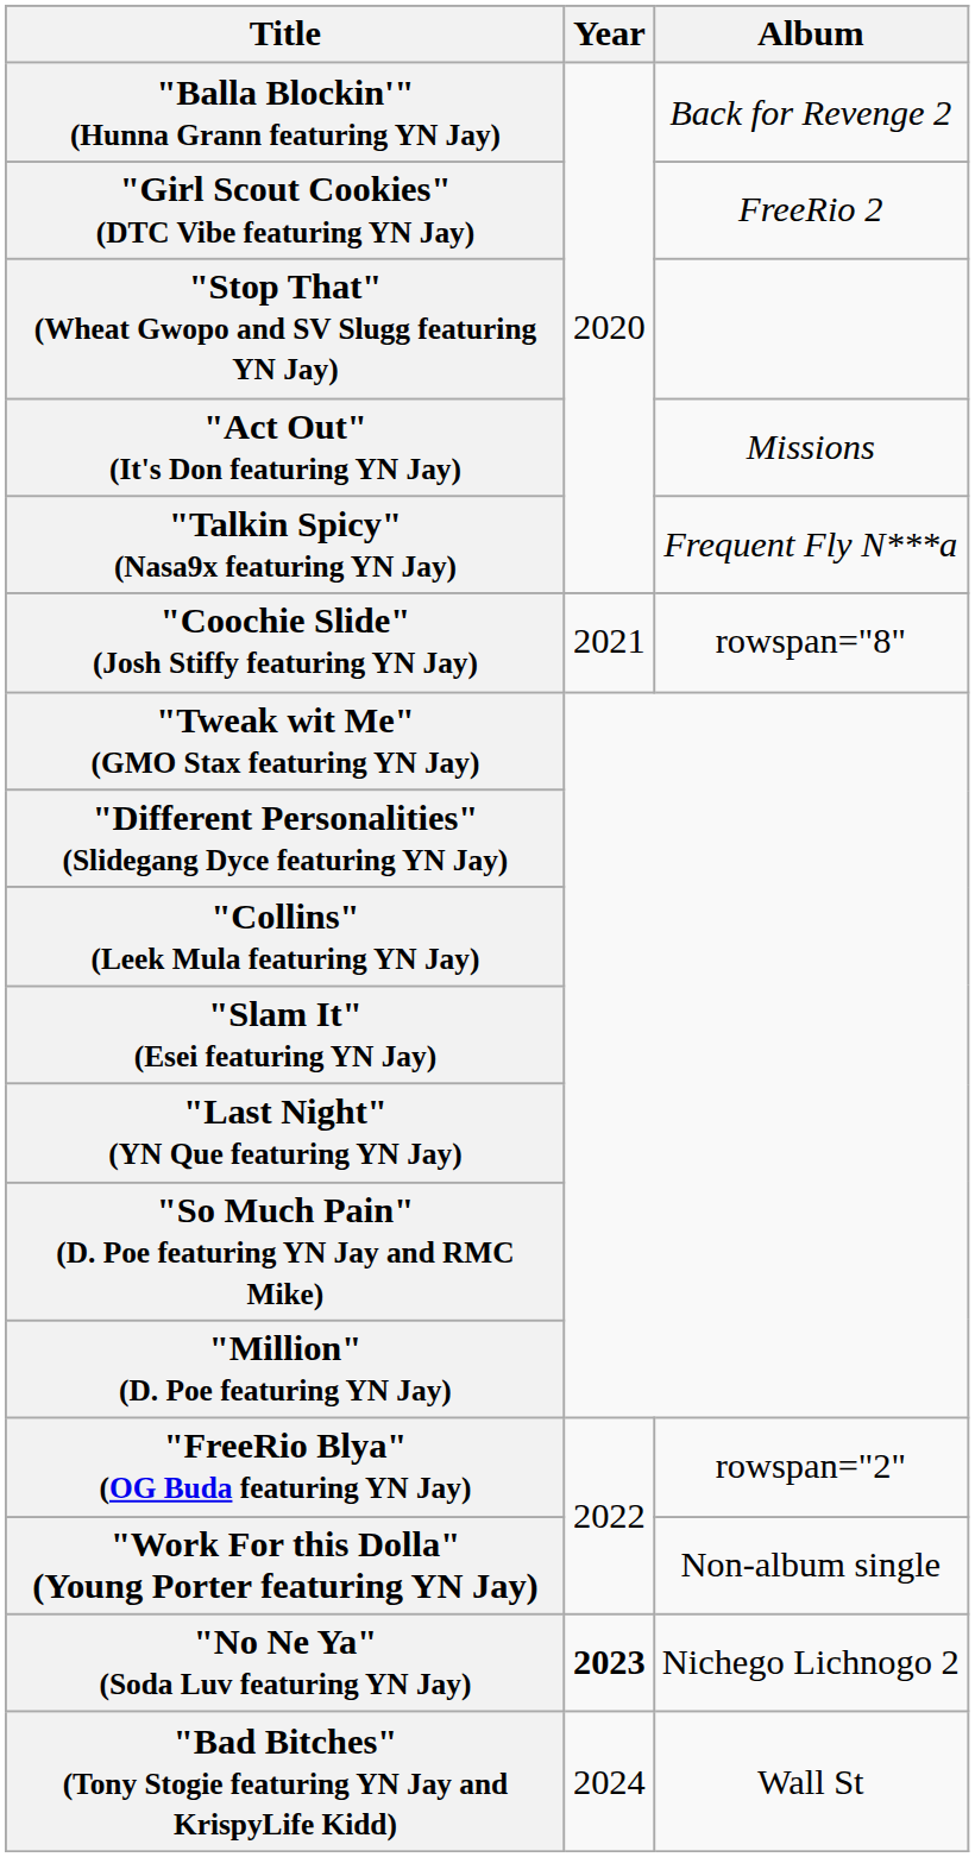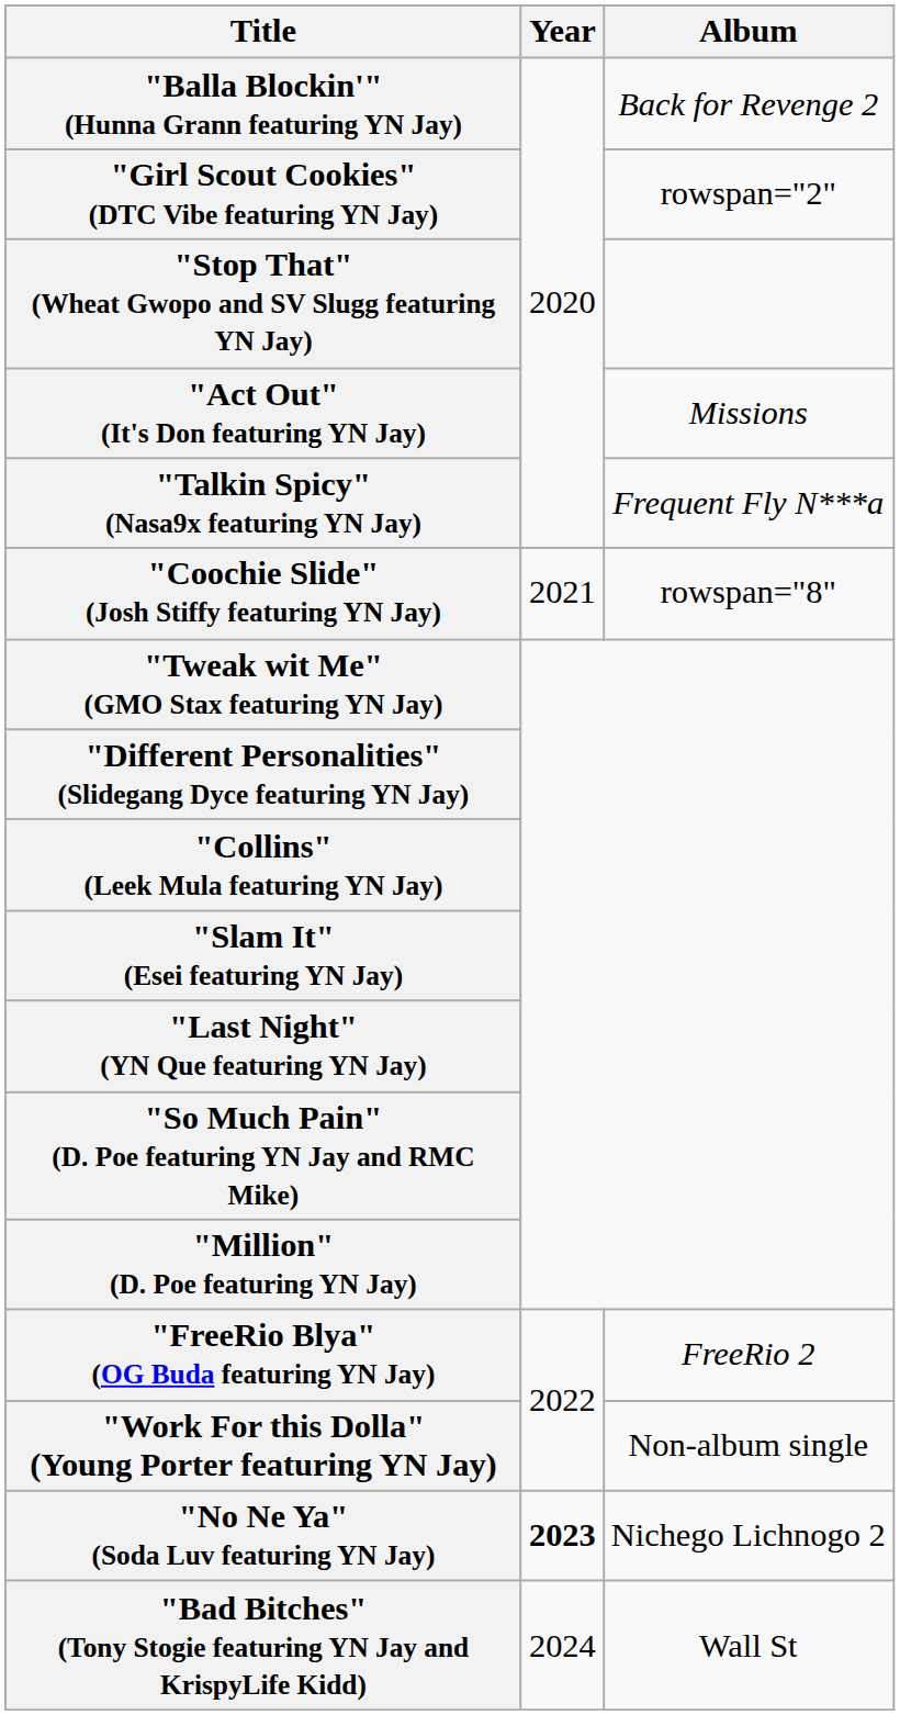 <table class="wikitable plainrowheaders" style="text-align:center;">
 <tr>
 <th scope="col" style="width:15em;">Title</th>
 <th scope="col">Year</th>
 <th scope="col">Album</th>
 </tr>
 <tr>
 <th scope="row">"Balla Blockin'"<br><small>(Hunna Grann featuring YN Jay)</small></th>
 <td rowspan="5">2020</td>
 <td><em>Back for Revenge 2</em></td>
 </tr>
 <tr>
 <th scope="row">"Girl Scout Cookies"<br><small>(DTC Vibe featuring YN Jay)</small></th>
-<td rowspan="1"><em>FreeRio 2</em></td>
+<td>rowspan="2" </td>
 </tr>
 <tr>
 <th scope="row">"Stop That"<br><small>(Wheat Gwopo and SV Slugg featuring YN Jay)</small></th>
 </tr>
 <tr>
 <th scope="row">"Act Out"<br><small>(It's Don featuring YN Jay)</small></th>
 <td><em>Missions</em></td>
 </tr>
 <tr>
 <th scope="row">"Talkin Spicy"<br><small>(Nasa9x featuring YN Jay)</small></th>
 <td><em>Frequent Fly N***a</em></td>
 </tr>
 <tr>
 <th scope="row">"Coochie Slide"<br><small>(Josh Stiffy featuring YN Jay)</small></th>
 <td rowspan="?">2021</td>
 <td>rowspan="8" </td>
 </tr>
 <tr>
 <th scope="row">"Tweak wit Me"<br><small>(GMO Stax featuring YN Jay)</small></th>
 </tr>
 <tr>
 <th scope="row">"Different Personalities"<br><small>(Slidegang Dyce featuring YN Jay)</small></th>
 </tr>
 <tr>
 <th scope="row">"Collins"<br><small>(Leek Mula featuring YN Jay)</small></th>
 </tr>
 <tr>
 <th scope="row">"Slam It"<br><small>(Esei featuring YN Jay)</small></th>
 </tr>
 <tr>
 <th scope="row">"Last Night"<br><small>(YN Que featuring YN Jay)</small></th>
 </tr>
 <tr>
 <th scope="row">"So Much Pain"<br><small>(D. Poe featuring YN Jay and RMC Mike)</small></th>
 </tr>
 <tr>
 <th scope="row">"Million"<br><small>(D. Poe featuring YN Jay)</small></th>
 </tr>
 <tr>
 <th scope="row">"FreeRio Blya"<br><small>(<a href='#'>OG Buda</a> featuring YN Jay)</small></th>
 <td rowspan="2">2022</td>
-<td>rowspan="2" </td>
+<td rowspan="1"><em>FreeRio 2</em></td>
 </tr>
 <tr>
 <th>"Work For this Dolla"<br>(Young Porter featuring YN Jay)</th>
 <td>Non-album single</td>
 </tr>
 <tr>
 <th>"No Ne Ya"<br><small>(Soda Luv featuring YN Jay)</small></th>
 <td><strong>2023</strong></td>
 <td>Nichego Lichnogo 2</td>
 </tr>
 <tr>
 <th>"Bad Bitches"<br><small>(Tony Stogie featuring YN Jay and KrispyLife Kidd)</small></th>
 <td>2024</td>
 <td>Wall St</td>
 </tr>
 </table>
